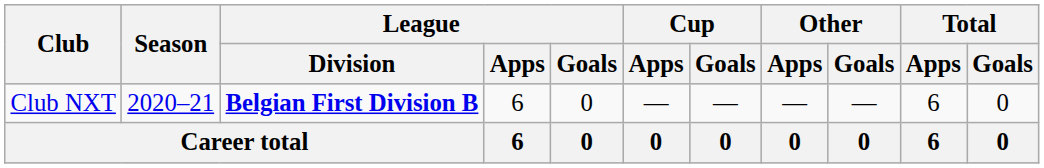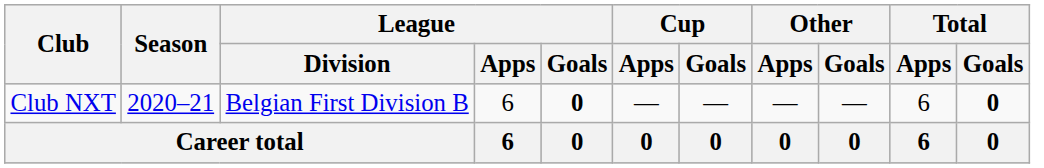 <table class=wikitable style=text-align:center>
 <tr>
 <th rowspan=2>Club</th>
 <th rowspan=2>Season</th>
 <th colspan=3>League</th>
 <th colspan=2>Cup</th>
 <th colspan=2>Other</th>
 <th colspan=2>Total</th>
 </tr>
 <tr>
 <th>Division</th>
 <th>Apps</th>
 <th>Goals</th>
 <th>Apps</th>
 <th>Goals</th>
 <th>Apps</th>
 <th>Goals</th>
 <th>Apps</th>
 <th>Goals</th>
 </tr>
 <tr>
 <td rowspan=1><a href='#'>Club NXT</a></td>
 <td><a href='#'>2020–21</a></td>
-<td><strong><a href='#'>Belgian First Division B</a></strong></td>
+<td><a href='#'>Belgian First Division B</a></td>
 <td>6</td>
-<td>0</td>
+<td><strong>0</strong></td>
 <td>—</td>
 <td>—</td>
 <td>—</td>
 <td>—</td>
 <td>6</td>
-<td>0</td>
+<td><strong>0</strong></td>
 </tr>
 <tr>
 <th colspan=3>Career total</th>
 <th>6</th>
 <th>0</th>
 <th>0</th>
 <th>0</th>
 <th>0</th>
 <th>0</th>
 <th>6</th>
 <th>0</th>
 </tr>
 </table>
